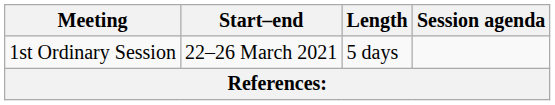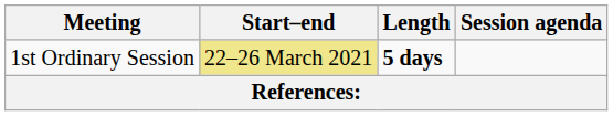 <table class="wikitable sortable">
 <tr>
 <th scope="col">Meeting</th>
 <th scope="col">Start–end</th>
 <th scope="col">Length</th>
 <th scope="col">Session agenda</th>
 </tr>
 <tr>
 <td>1st Ordinary Session</td>
-<td>22–26 March 2021</td>
-<td>5 days</td>
+<td style="background: khaki;">22–26 March 2021</td>
+<td><strong>5 days</strong></td>
 <td></td>
 </tr>
 <tr>
 <th colspan="8" unsortable><strong>References:</strong><br></th>
 </tr>
 </table>
